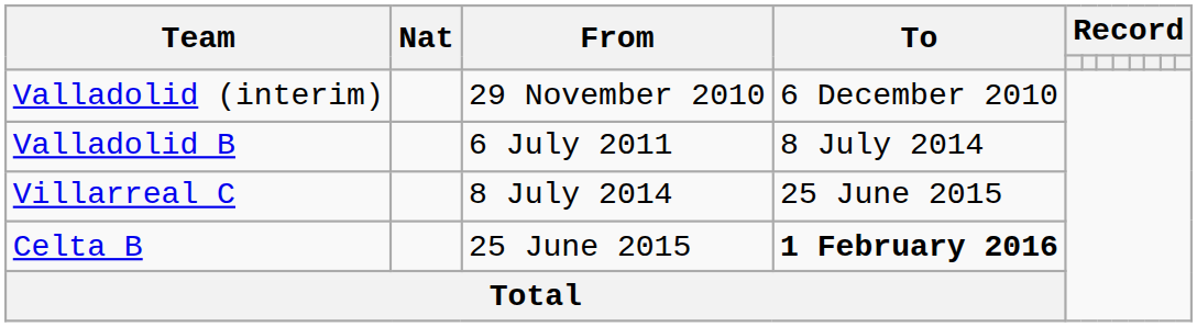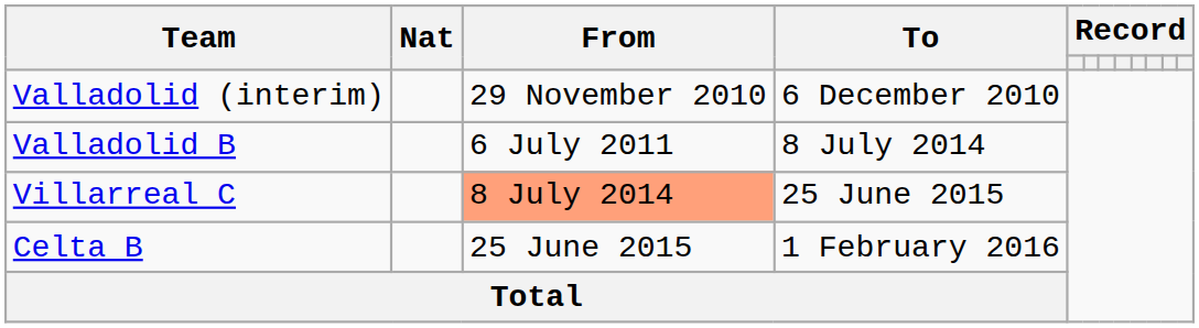 <table class="wikitable" style="text-align: center">
 <tr>
 <th rowspan="2">Team</th>
 <th rowspan="2">Nat</th>
 <th rowspan="2">From</th>
 <th rowspan="2">To</th>
 <th colspan="8">Record</th>
 </tr>
 <tr>
 <th></th>
 <th></th>
 <th></th>
 <th></th>
 <th></th>
 <th></th>
 <th></th>
 <th></th>
 </tr>
 <tr>
 <td align=left><a href='#'>Valladolid</a> (interim)</td>
 <td></td>
 <td align=left>29 November 2010</td>
 <td align=left>6 December 2010<br></td>
 </tr>
 <tr>
 <td align=left><a href='#'>Valladolid B</a></td>
 <td></td>
 <td align=left>6 July 2011</td>
 <td align=left>8 July 2014<br></td>
 </tr>
 <tr>
 <td align=left><a href='#'>Villarreal C</a></td>
 <td></td>
-<td align=left>8 July 2014</td>
+<td align=left style="background: lightsalmon;">8 July 2014</td>
 <td align=left>25 June 2015<br></td>
 </tr>
 <tr>
 <td align=left><a href='#'>Celta B</a></td>
 <td></td>
 <td align=left>25 June 2015</td>
-<td align=left><strong>1 February 2016<br></strong></td>
+<td align=left>1 February 2016<br></td>
 </tr>
 <tr>
 <th colspan="4">Total<br></th>
 </tr>
 </table>
